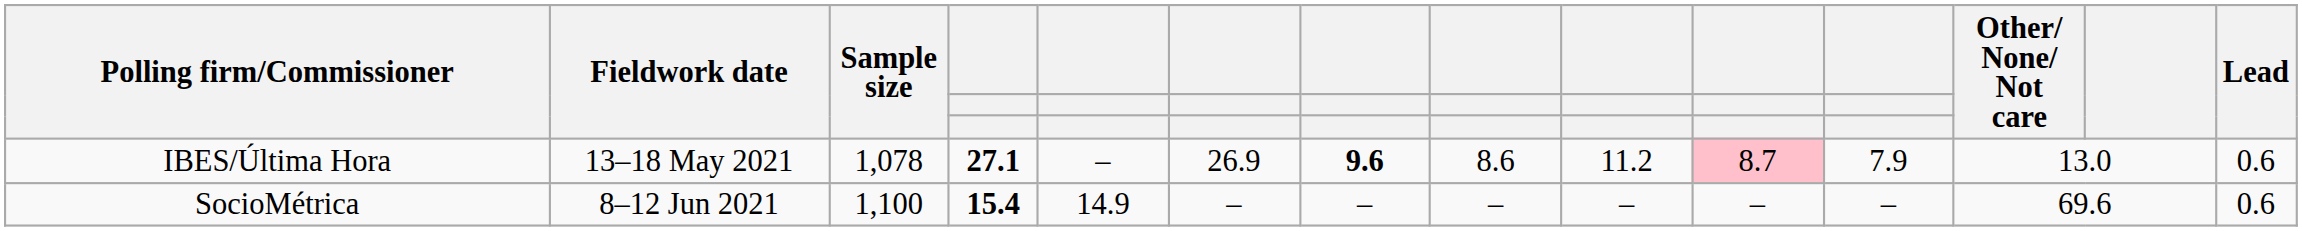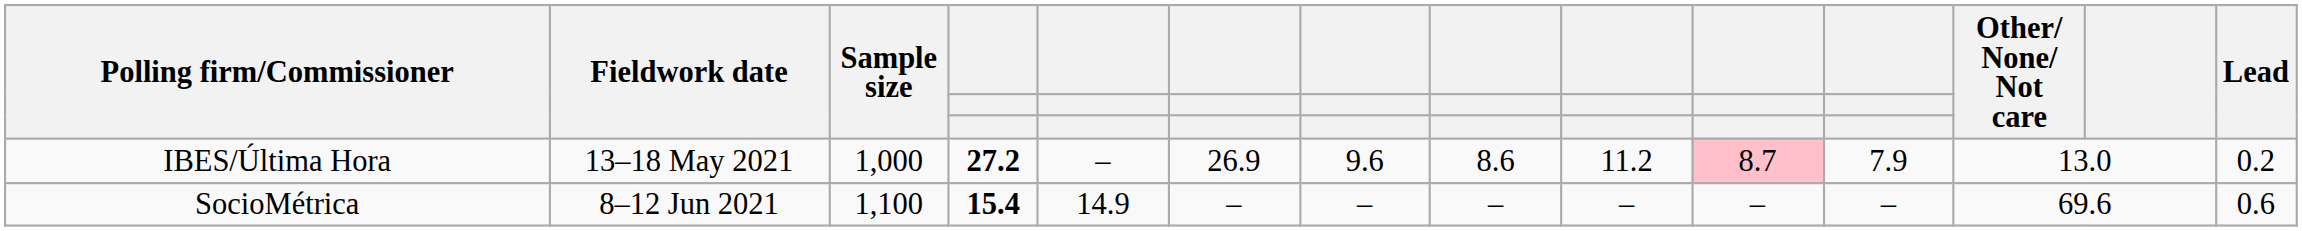 <table class="wikitable collapsible collapsed" style="text-align:center; font-size:90%; line-height:14px;">
 <tr style="height:42px;">
 <th style="width:250px;" rowspan="3">Polling firm/Commissioner</th>
 <th style="width:125px;" rowspan="3">Fieldwork date</th>
 <th style="width:50px;" rowspan="3">Sample size</th>
 <th style="width:35px;"></th>
 <th style="width:55px;"></th>
 <th style="width:55px;"></th>
 <th style="width:55px;"></th>
 <th style="width:55px;"></th>
 <th style="width:55px;"></th>
 <th style="width:55px;"></th>
 <th style="width:55px;"></th>
 <th style="width:55px;" rowspan="3">Other/<br>None/<br>Not<br>care</th>
 <th style="width:55px;" rowspan="3"></th>
 <th style="width:30px;" rowspan="3">Lead</th>
 </tr>
 <tr>
 <th style="color:inherit;background:"></th>
 <th style="color:inherit;background:"></th>
 <th style="color:inherit;background:"></th>
 <th style="color:inherit;background:"></th>
 <th style="color:inherit;background:"></th>
 <th style="color:inherit;background:"></th>
 <th style="color:inherit;background:"></th>
 <th style="color:inherit;background:"></th>
 </tr>
 <tr>
 <th></th>
 <th></th>
 <th></th>
 <th></th>
 <th></th>
 <th></th>
 <th></th>
 <th></th>
 </tr>
 <tr>
 <td>IBES/Última Hora</td>
 <td>13–18 May 2021</td>
-<td>1,078</td>
-<td><strong>27.1</strong></td>
+<td>1,000</td>
+<td><strong>27.2</strong></td>
 <td>–</td>
 <td>26.9</td>
-<td><strong>9.6</strong></td>
+<td>9.6</td>
 <td>8.6</td>
 <td>11.2</td>
 <td style="background: pink;">8.7</td>
 <td>7.9</td>
 <td colspan="2">13.0</td>
-<td style="background:">0.6</td>
+<td style="background:">0.2</td>
 </tr>
 <tr>
 <td>SocioMétrica</td>
 <td>8–12 Jun 2021</td>
 <td>1,100</td>
 <td><strong>15.4</strong></td>
 <td>14.9</td>
 <td>–</td>
 <td>–</td>
 <td>–</td>
 <td>–</td>
 <td>–</td>
 <td>–</td>
 <td colspan="2">69.6</td>
 <td style="background:">0.6</td>
 </tr>
 </table>
